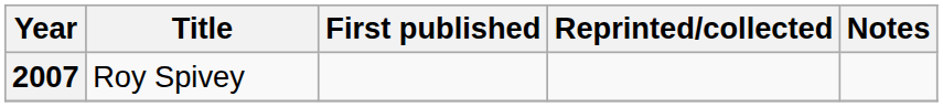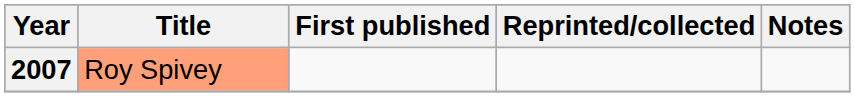 <table class='wikitable sortable'>
 <tr>
 <th>Year</th>
 <th width="25%">Title</th>
 <th>First published</th>
 <th>Reprinted/collected</th>
 <th>Notes</th>
 </tr>
 <tr>
 <th>2007</th>
-<td>Roy Spivey</td>
+<td style="background: lightsalmon;">Roy Spivey</td>
 <td></td>
 <td></td>
 <td></td>
 </tr>
 <tr>
 </tr>
 </table>
